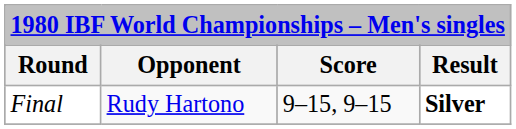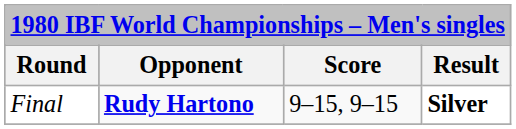 <table class="wikitable" style="font-size: 90%; text-align: center">
 <tr>
 <th colspan=5 style="background:silver;"><a href='#'>1980 IBF World Championships – Men's singles</a></th>
 </tr>
 <tr>
 <th>Round</th>
 <th>Opponent</th>
 <th>Score</th>
 <th>Result</th>
 </tr>
 <tr>
 <td style="text-align:left; background:white"><em>Final</em></td>
-<td align="left"> <a href='#'>Rudy Hartono</a></td>
+<td align="left"><strong> <a href='#'>Rudy Hartono</a></strong></td>
 <td align="left">9–15, 9–15</td>
 <td style="text-align:left; background:white"> <strong>Silver</strong></td>
 </tr>
 </table>
